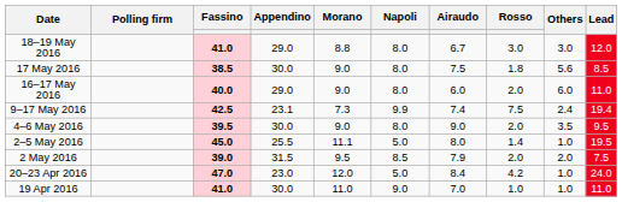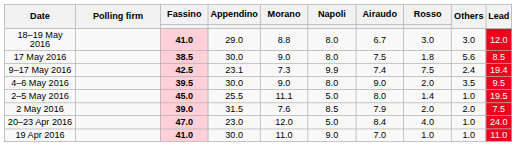 <table class=wikitable style="text-align:center;font-size:85%;line-height:13px">
 <tr style="height:30px; background-color:#E9E9E9">
 <th style="width:100px;" rowspan="2">Date</th>
 <th style="width:120px;" rowspan="2">Polling firm</th>
 <th style="width:65px;">Fassino</th>
 <th style="width:65px;">Appendino</th>
 <th style="width:65px;">Morano</th>
 <th style="width:65px;">Napoli</th>
 <th style="width:65px;">Airaudo</th>
 <th style="width:65px;">Rosso</th>
 <th style="width:45px;" rowspan="2">Others</th>
 <th style="width:30px;" rowspan="2">Lead</th>
 </tr>
 <tr>
 <th style="background:"></th>
 <th style="background:"></th>
 <th style="background:"></th>
 <th style="background:"></th>
 <th style="background:"></th>
 <th style="background:"></th>
 </tr>
 <tr>
 <td>18–19 May 2016</td>
 <td></td>
 <td style="background:#FFD0D7"><strong>41.0</strong></td>
 <td>29.0</td>
 <td>8.8</td>
 <td>8.0</td>
 <td>6.7</td>
 <td>3.0</td>
 <td>3.0</td>
 <td style="background:#F0001C; color:white;">12.0</td>
 </tr>
 <tr>
 <td>17 May 2016</td>
 <td></td>
 <td style="background:#FFD0D7"><strong>38.5</strong></td>
 <td>30.0</td>
 <td>9.0</td>
 <td>8.0</td>
 <td>7.5</td>
 <td>1.8</td>
 <td>5.6</td>
 <td style="background:#F0001C; color:white;">8.5</td>
 </tr>
 <tr>
-<td>16–17 May 2016</td>
-<td></td>
-<td style="background:#FFD0D7"><strong>40.0</strong></td>
-<td>29.0</td>
-<td>9.0</td>
-<td>8.0</td>
-<td>6.0</td>
-<td>2.0</td>
-<td>6.0</td>
-<td style="background:#F0001C; color:white;">11.0</td>
-</tr>
-<tr>
 <td>9–17 May 2016</td>
 <td></td>
 <td style="background:#FFD0D7"><strong>42.5</strong></td>
 <td>23.1</td>
 <td>7.3</td>
 <td>9.9</td>
 <td>7.4</td>
 <td>7.5</td>
 <td>2.4</td>
 <td style="background:#F0001C; color:white;">19.4</td>
 </tr>
 <tr>
 <td>4–6 May 2016</td>
 <td></td>
 <td style="background:#FFD0D7"><strong>39.5</strong></td>
 <td>30.0</td>
 <td>9.0</td>
 <td>8.0</td>
 <td>9.0</td>
 <td>2.0</td>
 <td>3.5</td>
 <td style="background:#F0001C; color:white;">9.5</td>
 </tr>
 <tr>
 <td>2–5 May 2016</td>
 <td></td>
 <td style="background:#FFD0D7"><strong>45.0</strong></td>
 <td>25.5</td>
 <td>11.1</td>
 <td>5.0</td>
 <td>8.0</td>
 <td>1.4</td>
 <td>1.0</td>
 <td style="background:#F0001C; color:white;">19.5</td>
 </tr>
 <tr>
 <td>2 May 2016</td>
 <td></td>
 <td style="background:#FFD0D7"><strong>39.0</strong></td>
 <td>31.5</td>
-<td>9.5</td>
+<td>7.6</td>
 <td>8.5</td>
 <td>7.9</td>
 <td>2.0</td>
 <td>2.0</td>
 <td style="background:#F0001C; color:white;">7.5</td>
 </tr>
 <tr>
 <td>20–23 Apr 2016</td>
 <td></td>
 <td style="background:#FFD0D7"><strong>47.0</strong></td>
 <td>23.0</td>
 <td>12.0</td>
 <td>5.0</td>
 <td>8.4</td>
-<td>4.2</td>
+<td>4.0</td>
 <td>1.0</td>
 <td style="background:#F0001C; color:white;">24.0</td>
 </tr>
 <tr>
 <td>19 Apr 2016</td>
 <td></td>
 <td style="background:#FFD0D7"><strong>41.0</strong></td>
 <td>30.0</td>
 <td>11.0</td>
 <td>9.0</td>
 <td>7.0</td>
 <td>1.0</td>
 <td>1.0</td>
 <td style="background:#F0001C; color:white;">11.0</td>
 </tr>
 </table>
